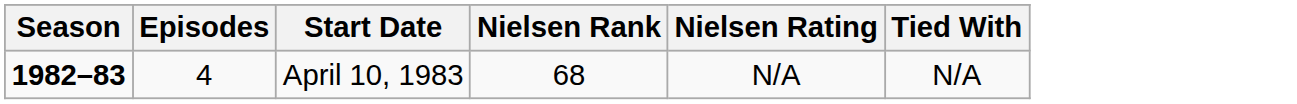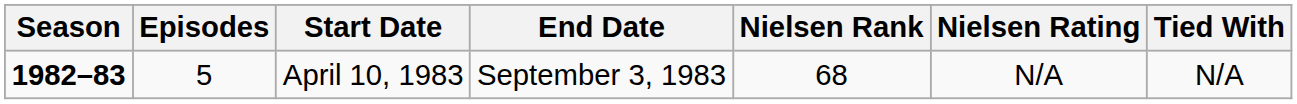 <table class="wikitable" style="text-align: center">
 <tr>
 <th>Season</th>
 <th>Episodes</th>
 <th>Start Date</th>
+<th>End Date</th>
 <th>Nielsen Rank</th>
 <th>Nielsen Rating</th>
 <th>Tied With</th>
 </tr>
 <tr>
 <td style="text-align:center"><strong>1982–83</strong></td>
-<td style="text-align:center">4</td>
+<td style="text-align:center">5</td>
 <td style="text-align:center">April 10, 1983</td>
+<td style="text-align:center">September 3, 1983</td>
 <td style="text-align:center:">68</td>
 <td style="text-align:center">N/A</td>
 <td style="text-align:center">N/A</td>
 </tr>
 </table>
